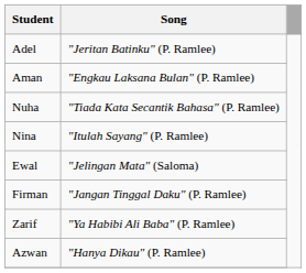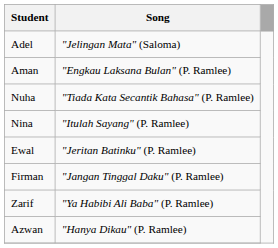 <table border="8" cellpadding="8" cellspacing="0" style="margin:  1em 1em 1em 0; background: #f9f9f9; border: 1px #aaa  solid; border-collapse: collapse; font-size: 90%;">
 <tr bgcolor="#f2f2f2">
 <th>Student</th>
 <th>Song</th>
 <th style="background: darkgray;"></th>
 </tr>
 <tr>
 <td>Adel</td>
-<td><em>"Jeritan Batinku"</em> (P. Ramlee)</td>
+<td><em>"Jelingan Mata"</em> (Saloma)</td>
 </tr>
 <tr>
 <td>Aman</td>
 <td><em>"Engkau Laksana Bulan"</em> (P. Ramlee)</td>
 </tr>
 <tr>
 <td>Nuha</td>
 <td><em>"Tiada Kata Secantik Bahasa"</em> (P. Ramlee)</td>
 </tr>
 <tr>
 <td>Nina</td>
 <td><em>"Itulah Sayang"</em> (P. Ramlee)</td>
 </tr>
 <tr>
 <td>Ewal</td>
-<td><em>"Jelingan Mata"</em> (Saloma)</td>
+<td><em>"Jeritan Batinku"</em> (P. Ramlee)</td>
 </tr>
 <tr>
 <td>Firman</td>
 <td><em>"Jangan Tinggal Daku"</em> (P. Ramlee)</td>
 </tr>
 <tr>
 <td>Zarif</td>
 <td><em>"Ya Habibi Ali Baba"</em> (P. Ramlee)</td>
 </tr>
 <tr>
 <td>Azwan</td>
 <td><em>"Hanya Dikau"</em> (P. Ramlee)</td>
 </tr>
 <tr>
 </tr>
 </table>
